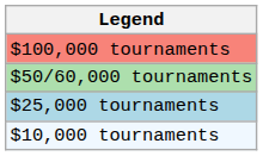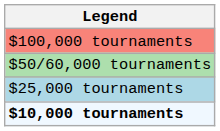 <table class="wikitable" style="font-size:85%">
 <tr>
 <th>Legend</th>
 </tr>
 <tr style="background:#f88379;">
 <td>$100,000 tournaments</td>
 </tr>
 <tr style="background:#addfad;">
 <td>$50/60,000 tournaments</td>
 </tr>
 <tr style="background:lightblue;">
 <td>$25,000 tournaments</td>
 </tr>
 <tr style="background:#f0f8ff;">
-<td>$10,000 tournaments</td>
+<td><strong>$10,000 tournaments</strong></td>
 </tr>
 </table>
